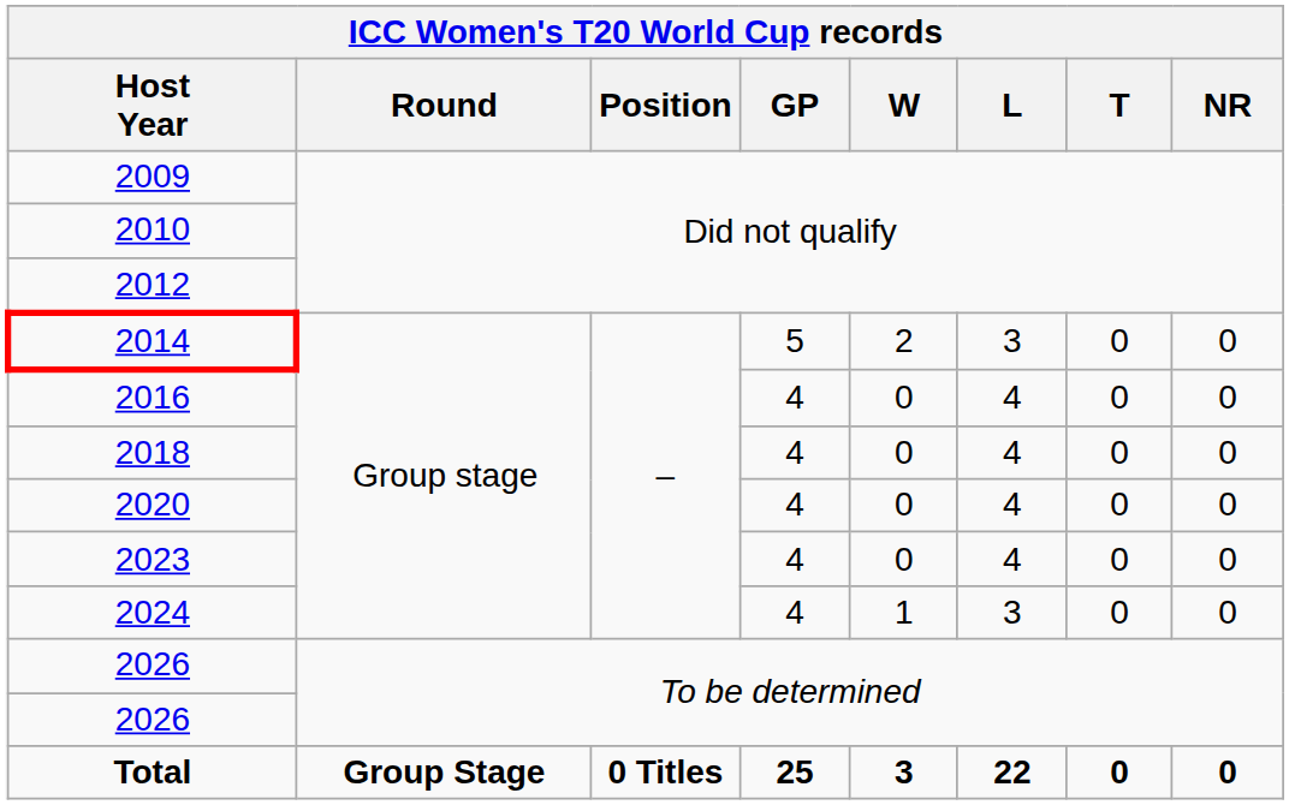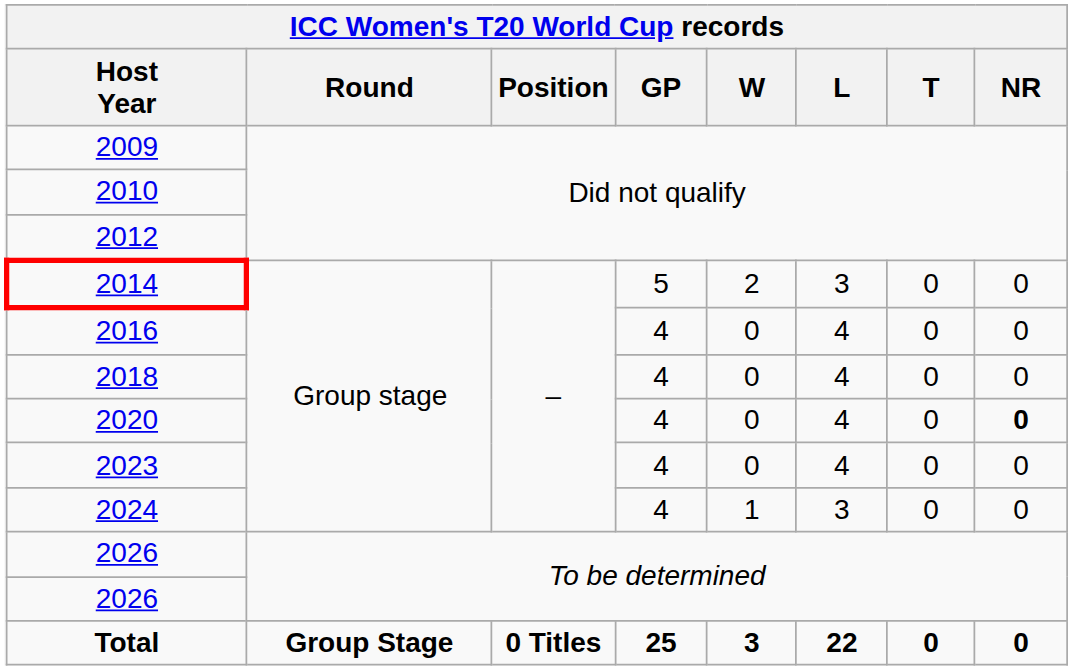 <table class="wikitable" style="text-align: center; width=900px;">
 <tr>
 <th colspan="8"><a href='#'>ICC Women's T20 World Cup</a> records</th>
 </tr>
 <tr>
 <th width=150>Host<br>Year</th>
 <th width=150>Round</th>
 <th width=50>Position</th>
 <th width=50>GP</th>
 <th width=50>W</th>
 <th width=50>L</th>
 <th width=50>T</th>
 <th width=50>NR</th>
 </tr>
 <tr>
 <td> <a href='#'>2009</a></td>
 <td colspan=7  rowspan=3>Did not qualify</td>
 </tr>
 <tr>
 <td> <a href='#'>2010</a></td>
 </tr>
 <tr>
 <td> <a href='#'>2012</a></td>
 </tr>
 <tr>
 <td style="border: 3px solid red"> <a href='#'>2014</a></td>
 <td rowspan="6">Group stage</td>
 <td rowspan="6">–</td>
 <td>5</td>
 <td>2</td>
 <td>3</td>
 <td>0</td>
 <td>0</td>
 </tr>
 <tr>
 <td> <a href='#'>2016</a></td>
 <td>4</td>
 <td>0</td>
 <td>4</td>
 <td>0</td>
 <td>0</td>
 </tr>
 <tr>
 <td> <a href='#'>2018</a></td>
 <td>4</td>
 <td>0</td>
 <td>4</td>
 <td>0</td>
 <td>0</td>
 </tr>
 <tr>
 <td> <a href='#'>2020</a></td>
 <td>4</td>
 <td>0</td>
 <td>4</td>
 <td>0</td>
-<td>0</td>
+<td><strong>0</strong></td>
 </tr>
 <tr>
 <td> <a href='#'>2023</a></td>
 <td>4</td>
 <td>0</td>
 <td>4</td>
 <td>0</td>
 <td>0</td>
 </tr>
 <tr>
 <td> <a href='#'>2024</a></td>
 <td>4</td>
 <td>1</td>
 <td>3</td>
 <td>0</td>
 <td>0</td>
 </tr>
 <tr>
 <td> <a href='#'>2026</a></td>
 <td rowspan =2 colspan="7"><em>To be determined</em></td>
 </tr>
 <tr>
 <td> <a href='#'>2026</a></td>
 </tr>
 <tr>
 <td><strong>Total</strong></td>
 <td><strong>Group Stage</strong></td>
 <td><strong>0 Titles</strong></td>
 <td><strong>25</strong></td>
 <td><strong>3</strong></td>
 <td><strong>22</strong></td>
 <td><strong>0</strong></td>
 <td><strong>0</strong></td>
 </tr>
 </table>
